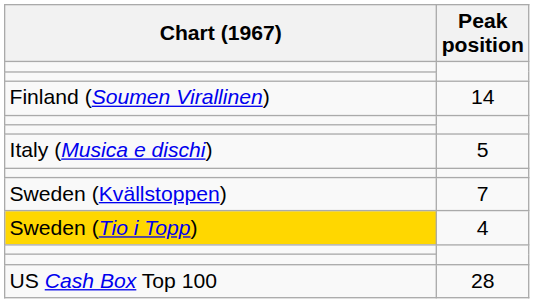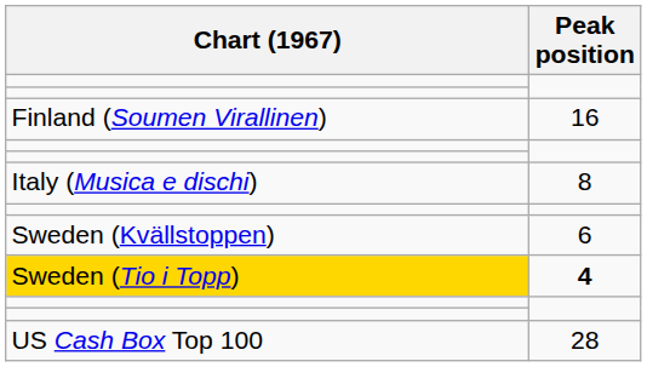 <table class="wikitable sortable">
 <tr>
 <th style="width:20em;">Chart (1967)</th>
 <th>Peak<br>position</th>
 </tr>
 <tr>
 <td></td>
 </tr>
 <tr>
 <td></td>
 </tr>
 <tr>
 <td align="left">Finland (<a href='#'><em>Soumen Virallinen</em></a>)</td>
-<td style="text-align:center;">14</td>
+<td style="text-align:center;">16</td>
 </tr>
 <tr>
 <td></td>
 </tr>
 <tr>
 <td></td>
 </tr>
 <tr>
 <td>Italy (<em><a href='#'>Musica e dischi</a></em>)</td>
-<td style="text-align:center;">5</td>
+<td style="text-align:center;">8</td>
 </tr>
 <tr>
 <td></td>
 </tr>
 <tr>
 <td>Sweden (<a href='#'>Kvällstoppen</a>)</td>
-<td style="text-align:center;">7</td>
+<td style="text-align:center;">6</td>
 </tr>
 <tr>
 <td style="background: gold;">Sweden (<em><a href='#'>Tio i Topp</a></em>)</td>
-<td style="text-align:center;">4</td>
+<td style="text-align:center;"><strong>4</strong></td>
 </tr>
 <tr>
 <td></td>
 </tr>
 <tr>
 <td></td>
 </tr>
 <tr>
 <td>US <a href='#'><em>Cash Box</em></a> Top 100</td>
 <td align="center">28</td>
 </tr>
 </table>
